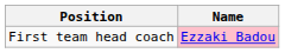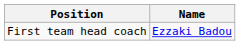 <table class="wikitable" style="text-align:center;">
 <tr>
 <th>Position</th>
 <th>Name</th>
 </tr>
 <tr>
 <td style="text-align:left;">First team head coach</td>
-<td style="background: pink; text-align:left;"> <a href='#'>Ezzaki Badou</a></td>
+<td style="text-align:left;"> <a href='#'>Ezzaki Badou</a></td>
 </tr>
 </table>
